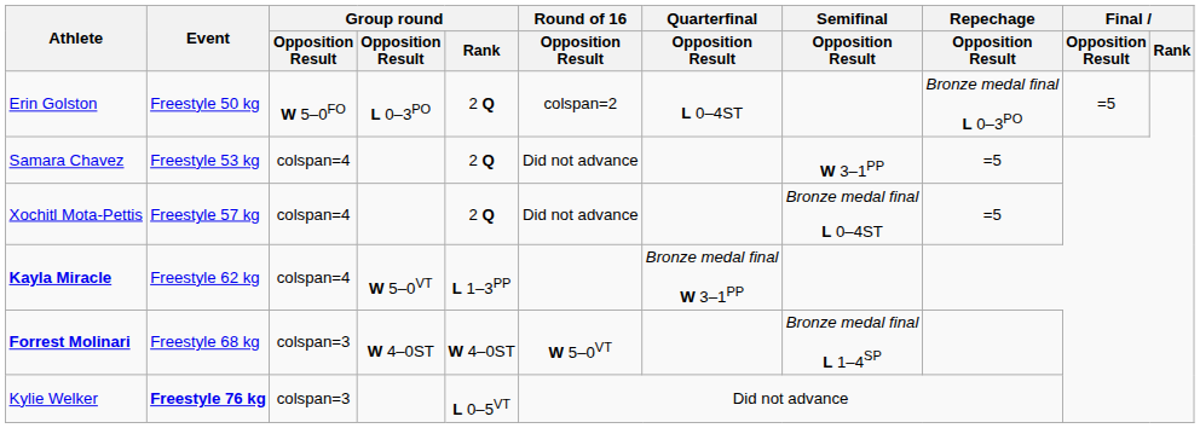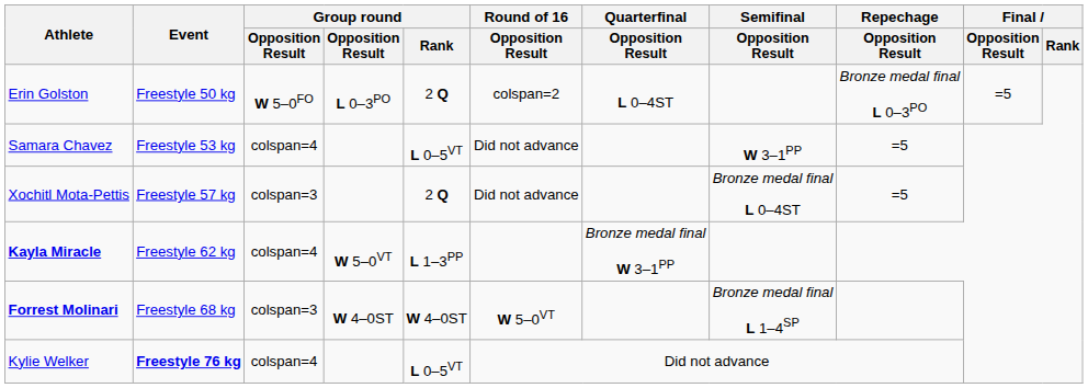 <table class=wikitable style=font-size:90%;text-align:center>
 <tr>
 <th rowspan=2>Athlete</th>
 <th rowspan=2>Event</th>
 <th colspan=3>Group round</th>
 <th>Round of 16</th>
 <th>Quarterfinal</th>
 <th>Semifinal</th>
 <th>Repechage</th>
 <th colspan=2>Final / </th>
 </tr>
 <tr style=font-size:95%>
 <th>Opposition<br>Result</th>
 <th>Opposition<br>Result</th>
 <th>Rank</th>
 <th>Opposition<br>Result</th>
 <th>Opposition<br>Result</th>
 <th>Opposition<br>Result</th>
 <th>Opposition<br>Result</th>
 <th>Opposition<br>Result</th>
 <th>Rank</th>
 </tr>
 <tr>
 <td align=left><a href='#'>Erin Golston</a></td>
 <td align=left><a href='#'>Freestyle 50 kg</a></td>
 <td><br><strong>W</strong> 5–0<sup>FO</sup></td>
 <td><br><strong>L</strong> 0–3<sup>PO</sup></td>
 <td>2 <strong>Q</strong></td>
 <td>colspan=2 </td>
 <td><br><strong>L</strong> 0–4ST</td>
 <td></td>
 <td><em>Bronze medal final</em><br><br><strong>L</strong> 0–3<sup>PO</sup></td>
 <td>=5</td>
 </tr>
 <tr>
 <td align=left><a href='#'>Samara Chavez</a></td>
 <td align=left><a href='#'>Freestyle 53 kg</a></td>
 <td>colspan=4 </td>
 <td></td>
-<td>2 <strong>Q</strong></td>
+<td><br><strong>L</strong> 0–5<sup>VT</sup></td>
 <td>Did not advance</td>
 <td></td>
 <td><br><strong>W</strong> 3–1<sup>PP</sup></td>
 <td>=5</td>
 </tr>
 <tr>
 <td align=left><a href='#'>Xochitl Mota-Pettis</a></td>
 <td align=left><a href='#'>Freestyle 57 kg</a></td>
-<td>colspan=4 </td>
+<td>colspan=3 </td>
 <td></td>
 <td>2 <strong>Q</strong></td>
 <td>Did not advance</td>
 <td></td>
 <td><em>Bronze medal final</em> <br><br><strong>L</strong> 0–4ST</td>
 <td>=5</td>
 </tr>
 <tr>
 <td align=left><strong><a href='#'>Kayla Miracle</a></strong></td>
 <td align=left><a href='#'>Freestyle 62 kg</a></td>
 <td>colspan=4 </td>
 <td><br><strong>W</strong> 5–0<sup>VT</sup></td>
 <td><br><strong>L</strong> 1–3<sup>PP</sup></td>
 <td></td>
 <td><em>Bronze medal final</em> <br><br><strong>W</strong> 3–1<sup>PP</sup></td>
 <td></td>
 </tr>
 <tr>
 <td align=left><strong><a href='#'>Forrest Molinari</a></strong></td>
 <td align=left><a href='#'>Freestyle 68 kg</a></td>
 <td>colspan=3 </td>
 <td><br><strong>W</strong> 4–0ST</td>
 <td><br><strong>W</strong> 4–0ST</td>
 <td><br><strong>W</strong> 5–0<sup>VT</sup></td>
 <td></td>
 <td><em>Bronze medal final</em> <br><br><strong>L</strong> 1–4<sup>SP</sup></td>
 <td></td>
 </tr>
 <tr>
 <td align=left><a href='#'>Kylie Welker</a></td>
 <td align=left><strong><a href='#'>Freestyle 76 kg</a></strong></td>
-<td>colspan=3 </td>
+<td>colspan=4 </td>
 <td></td>
 <td><br><strong>L</strong> 0–5<sup>VT</sup></td>
 <td colspan=4>Did not advance</td>
 </tr>
 </table>
